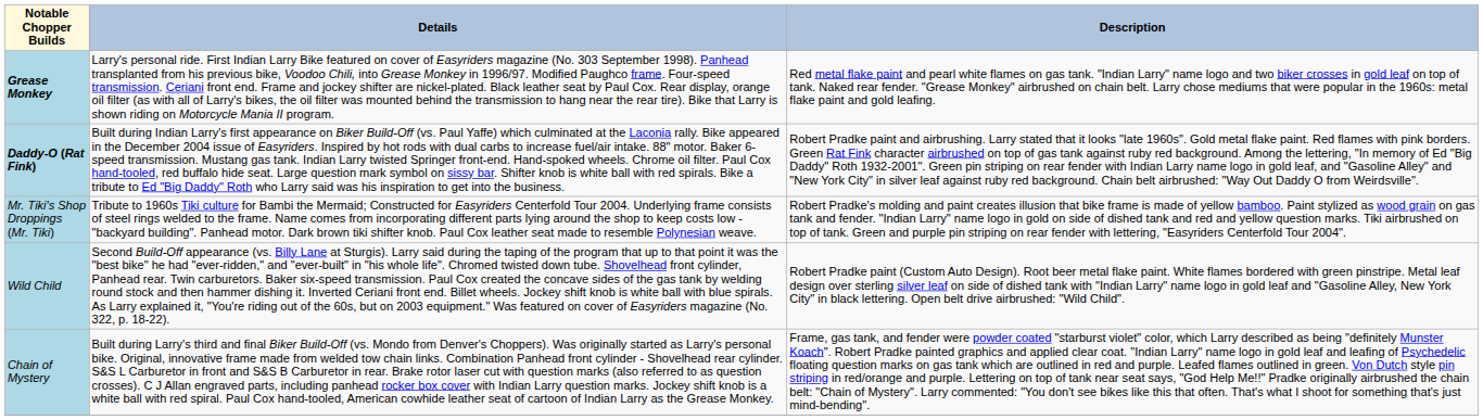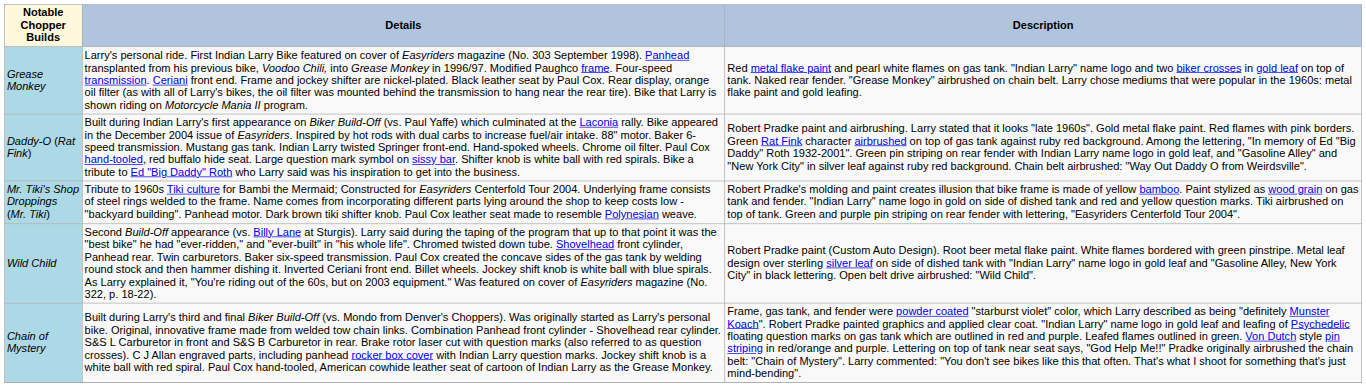 <table class= "wikitable unsortable" border= "1">
 <tr>
 <th style="background:#FFF8DC;">Notable Chopper Builds</th>
 <th style="background:#B0C4DE;">Details</th>
 <th style="background:#B0C4DE;">Description</th>
 </tr>
 <tr>
-<td style="background:#ADD8E6;"><strong><em>Grease Monkey</em></strong></td>
+<td style="background:#ADD8E6;"><em>Grease Monkey</em></td>
 <td>Larry's personal ride.  First Indian Larry Bike featured on cover of <em>Easyriders</em> magazine (No. 303 September 1998). <a href='#'>Panhead</a> transplanted from his previous bike, <em>Voodoo Chili,</em> into <em>Grease Monkey</em> in 1996/97.  Modified Paughco <a href='#'>frame</a>.  Four-speed <a href='#'>transmission</a>. <a href='#'>Ceriani</a> front end.  Frame and jockey shifter are nickel-plated. Black leather seat by Paul Cox. Rear display, orange oil filter (as with all of Larry's bikes, the oil filter was mounted behind the transmission to hang near the rear tire). Bike that Larry is shown riding on <em>Motorcycle Mania II</em> program.</td>
 <td>Red <a href='#'>metal flake paint</a> and pearl white flames on gas tank. "Indian Larry" name logo and two <a href='#'>biker crosses</a> in <a href='#'>gold leaf</a> on top of tank. Naked rear fender. "Grease Monkey" airbrushed on chain belt.  Larry chose mediums that were popular in the 1960s: metal flake paint and gold leafing.</td>
 </tr>
 <tr>
-<td style="background:#ADD8E6;"><strong><em>Daddy-O</em> (<em>Rat Fink</em>)</strong></td>
+<td style="background:#ADD8E6;"><em>Daddy-O</em> (<em>Rat Fink</em>)</td>
 <td>Built during Indian Larry's first appearance on <em>Biker Build-Off</em> (vs. Paul Yaffe) which culminated at the <a href='#'>Laconia</a> rally.  Bike appeared in the December 2004 issue of <em>Easyriders</em>.  Inspired by hot rods with dual carbs to increase fuel/air intake. 88" motor.  Baker 6-speed transmission. Mustang gas tank. Indian Larry twisted Springer front-end.  Hand-spoked wheels. Chrome oil filter.  Paul Cox <a href='#'>hand-tooled</a>, red buffalo hide seat. Large question mark symbol on <a href='#'>sissy bar</a>. Shifter knob is white ball with red spirals. Bike a tribute to <a href='#'>Ed "Big Daddy" Roth</a> who Larry said was his inspiration to get into the business.</td>
 <td>Robert Pradke paint and airbrushing.  Larry stated that it looks "late 1960s". Gold metal flake paint. Red flames with pink borders. Green <a href='#'>Rat Fink</a> character <a href='#'>airbrushed</a> on top of gas tank against ruby red background.  Among the lettering, "In memory of Ed "Big Daddy" Roth 1932-2001".  Green pin striping on rear fender with Indian Larry name logo in gold leaf, and "Gasoline Alley" and "New York City" in silver leaf against ruby red background.  Chain belt airbrushed: "Way Out Daddy O from Weirdsville".</td>
 </tr>
 <tr>
 <td style="background:#ADD8E6;"><em>Mr. Tiki's Shop Droppings</em> (<em>Mr. Tiki</em>)</td>
 <td>Tribute to 1960s <a href='#'>Tiki culture</a> for Bambi the Mermaid; Constructed for <em>Easyriders</em> Centerfold Tour 2004.  Underlying frame consists of steel rings welded to the frame.  Name comes from incorporating different parts lying around the shop to keep costs low - "backyard building".  Panhead motor. Dark brown tiki shifter knob.  Paul Cox leather seat made to resemble <a href='#'>Polynesian</a> weave.</td>
 <td>Robert Pradke's molding and paint creates illusion that bike frame is made of yellow <a href='#'>bamboo</a>. Paint stylized as <a href='#'>wood grain</a> on gas tank and fender. "Indian Larry" name logo in gold on side of dished tank and red and yellow question marks.  Tiki airbrushed on top of tank. Green and purple pin striping on rear fender with lettering, "Easyriders Centerfold Tour 2004".</td>
 </tr>
 <tr>
 <td style="background:#ADD8E6;"><em>Wild Child</em></td>
 <td>Second <em>Build-Off</em> appearance (vs. <a href='#'>Billy Lane</a> at Sturgis).  Larry said during the taping of the program that up to that point it was the "best bike" he had "ever-ridden," and "ever-built" in "his whole life". Chromed twisted down tube. <a href='#'>Shovelhead</a> front cylinder, Panhead rear.  Twin carburetors. Baker six-speed transmission. Paul Cox created the concave sides of the gas tank by welding round stock and then hammer dishing it. Inverted Ceriani front end.  Billet wheels. Jockey shift knob is white ball with blue spirals. As Larry explained it, "You're riding out of the 60s, but on 2003 equipment." Was featured on cover of <em>Easyriders</em> magazine (No. 322,  p. 18-22).</td>
 <td>Robert Pradke paint (Custom Auto Design).  Root beer metal flake paint. White flames bordered with green pinstripe.  Metal leaf design over sterling <a href='#'>silver leaf</a> on side of dished tank with "Indian Larry" name logo in gold leaf and "Gasoline Alley, New York City" in black lettering. Open belt drive airbrushed: "Wild Child".</td>
 </tr>
 <tr>
 <td style="background:#ADD8E6;"><em>Chain of Mystery</em></td>
 <td>Built during Larry's third and final <em>Biker Build-Off</em> (vs. Mondo from Denver's Choppers). Was originally started as Larry's personal bike. Original, innovative frame made from welded tow chain links. Combination Panhead front cylinder - Shovelhead rear cylinder. S&S L Carburetor in front and S&S B Carburetor in rear.  Brake rotor laser cut with question marks (also referred to as question crosses).  C J Allan engraved parts, including panhead <a href='#'>rocker box cover</a> with Indian Larry question marks. Jockey shift knob is a white ball with red spiral. Paul Cox hand-tooled, American cowhide leather seat of cartoon of Indian Larry as the Grease Monkey.</td>
 <td>Frame, gas tank, and fender were <a href='#'>powder coated</a> "starburst violet" color, which Larry described as being "definitely <a href='#'>Munster Koach</a>".  Robert Pradke painted graphics and applied clear coat.  "Indian Larry" name logo in gold leaf and leafing of <a href='#'>Psychedelic</a> floating question marks on gas tank which are outlined in red and purple.  Leafed flames outlined in green. <a href='#'>Von Dutch</a> style <a href='#'>pin striping</a> in red/orange and purple.  Lettering on top of tank near seat says, "God Help Me!!"  Pradke originally airbrushed the chain belt: "Chain of Mystery". Larry commented: "You don't see bikes like this that often.  That's what I shoot for something that's just mind-bending".</td>
 </tr>
 <tr>
 </tr>
 </table>
